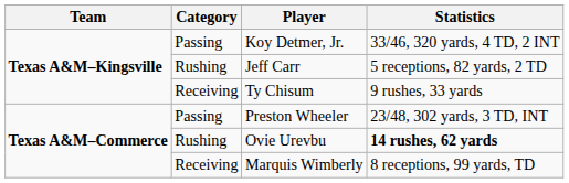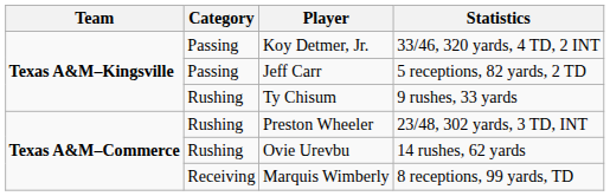 <table class="wikitable" style="float: right;">
 <tr>
 <th>Team</th>
 <th>Category</th>
 <th>Player</th>
 <th>Statistics</th>
 </tr>
 <tr>
 <td rowspan=3><strong>Texas A&M–Kingsville</strong></td>
 <td>Passing</td>
 <td>Koy Detmer, Jr.</td>
 <td>33/46, 320 yards, 4 TD, 2 INT</td>
 </tr>
 <tr>
-<td>Rushing</td>
+<td>Passing</td>
 <td>Jeff Carr</td>
 <td>5 receptions, 82 yards, 2 TD</td>
 </tr>
 <tr>
-<td>Receiving</td>
+<td>Rushing</td>
 <td>Ty Chisum</td>
 <td>9 rushes, 33 yards</td>
 </tr>
 <tr>
 <td rowspan=3><strong>Texas A&M–Commerce</strong></td>
-<td>Passing</td>
+<td>Rushing</td>
 <td>Preston Wheeler</td>
 <td>23/48, 302 yards, 3 TD, INT</td>
 </tr>
 <tr>
 <td>Rushing</td>
 <td>Ovie Urevbu</td>
-<td><strong>14 rushes, 62 yards</strong></td>
+<td>14 rushes, 62 yards</td>
 </tr>
 <tr>
 <td>Receiving</td>
 <td>Marquis Wimberly</td>
 <td>8 receptions, 99 yards, TD</td>
 </tr>
 </table>
